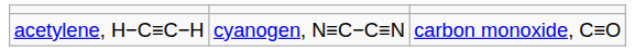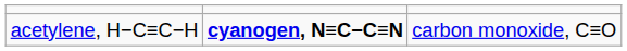 <table class="wikitable" style="margin:1em auto; text-align:center;">
 <tr>
 <td></td>
 <td></td>
 <td></td>
 </tr>
 <tr>
 <td><a href='#'>acetylene</a>, H−C≡C−H</td>
-<td><a href='#'>cyanogen</a>, N≡C−C≡N</td>
+<td><strong><a href='#'>cyanogen</a>, N≡C−C≡N</strong></td>
 <td><a href='#'>carbon monoxide</a>, C≡O</td>
 </tr>
 </table>
